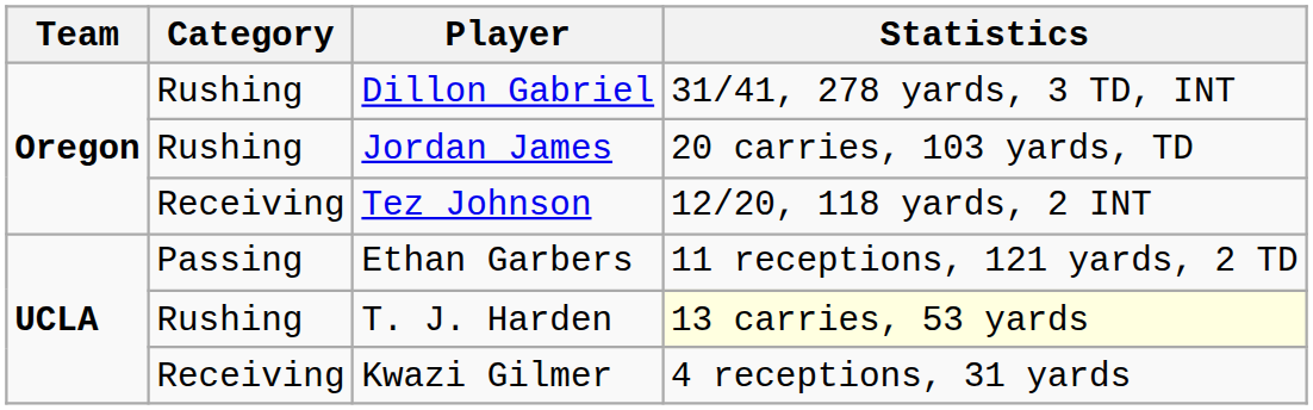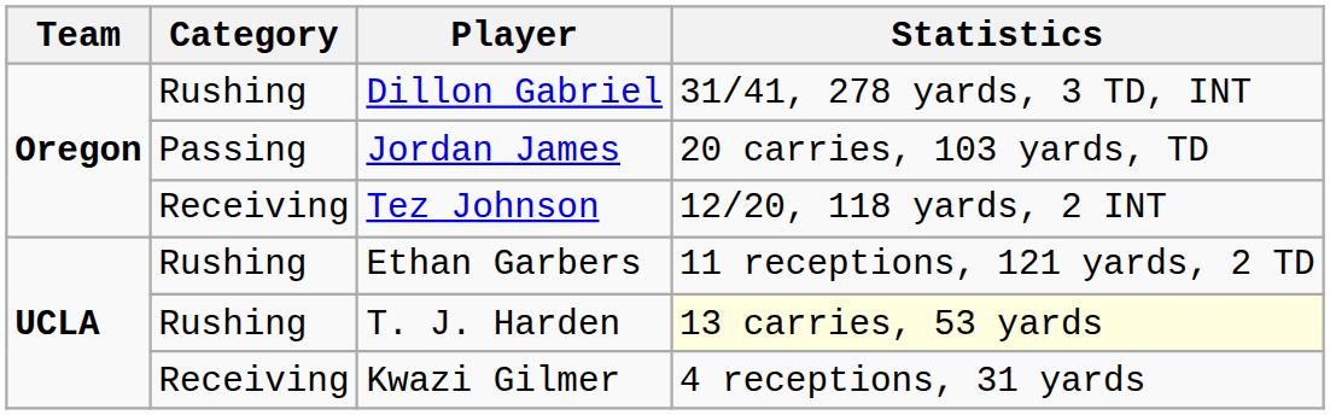 <table class="wikitable" style="float: right;">
 <tr>
 <th>Team</th>
 <th>Category</th>
 <th>Player</th>
 <th>Statistics</th>
 </tr>
 <tr>
 <td rowspan=3><strong>Oregon</strong></td>
 <td>Rushing</td>
 <td><a href='#'>Dillon Gabriel</a></td>
 <td>31/41, 278 yards, 3 TD, INT</td>
 </tr>
 <tr>
-<td>Rushing</td>
+<td>Passing</td>
 <td><a href='#'>Jordan James</a></td>
 <td>20 carries, 103 yards, TD</td>
 </tr>
 <tr>
 <td>Receiving</td>
 <td><a href='#'>Tez Johnson</a></td>
 <td>12/20, 118 yards, 2 INT</td>
 </tr>
 <tr>
 <td rowspan=3><strong>UCLA</strong></td>
-<td>Passing</td>
+<td>Rushing</td>
 <td>Ethan Garbers</td>
 <td>11 receptions, 121 yards, 2 TD</td>
 </tr>
 <tr>
 <td>Rushing</td>
 <td>T. J. Harden</td>
 <td style="background: lightyellow;">13 carries, 53 yards</td>
 </tr>
 <tr>
 <td>Receiving</td>
 <td>Kwazi Gilmer</td>
 <td>4 receptions, 31 yards</td>
 </tr>
 </table>
